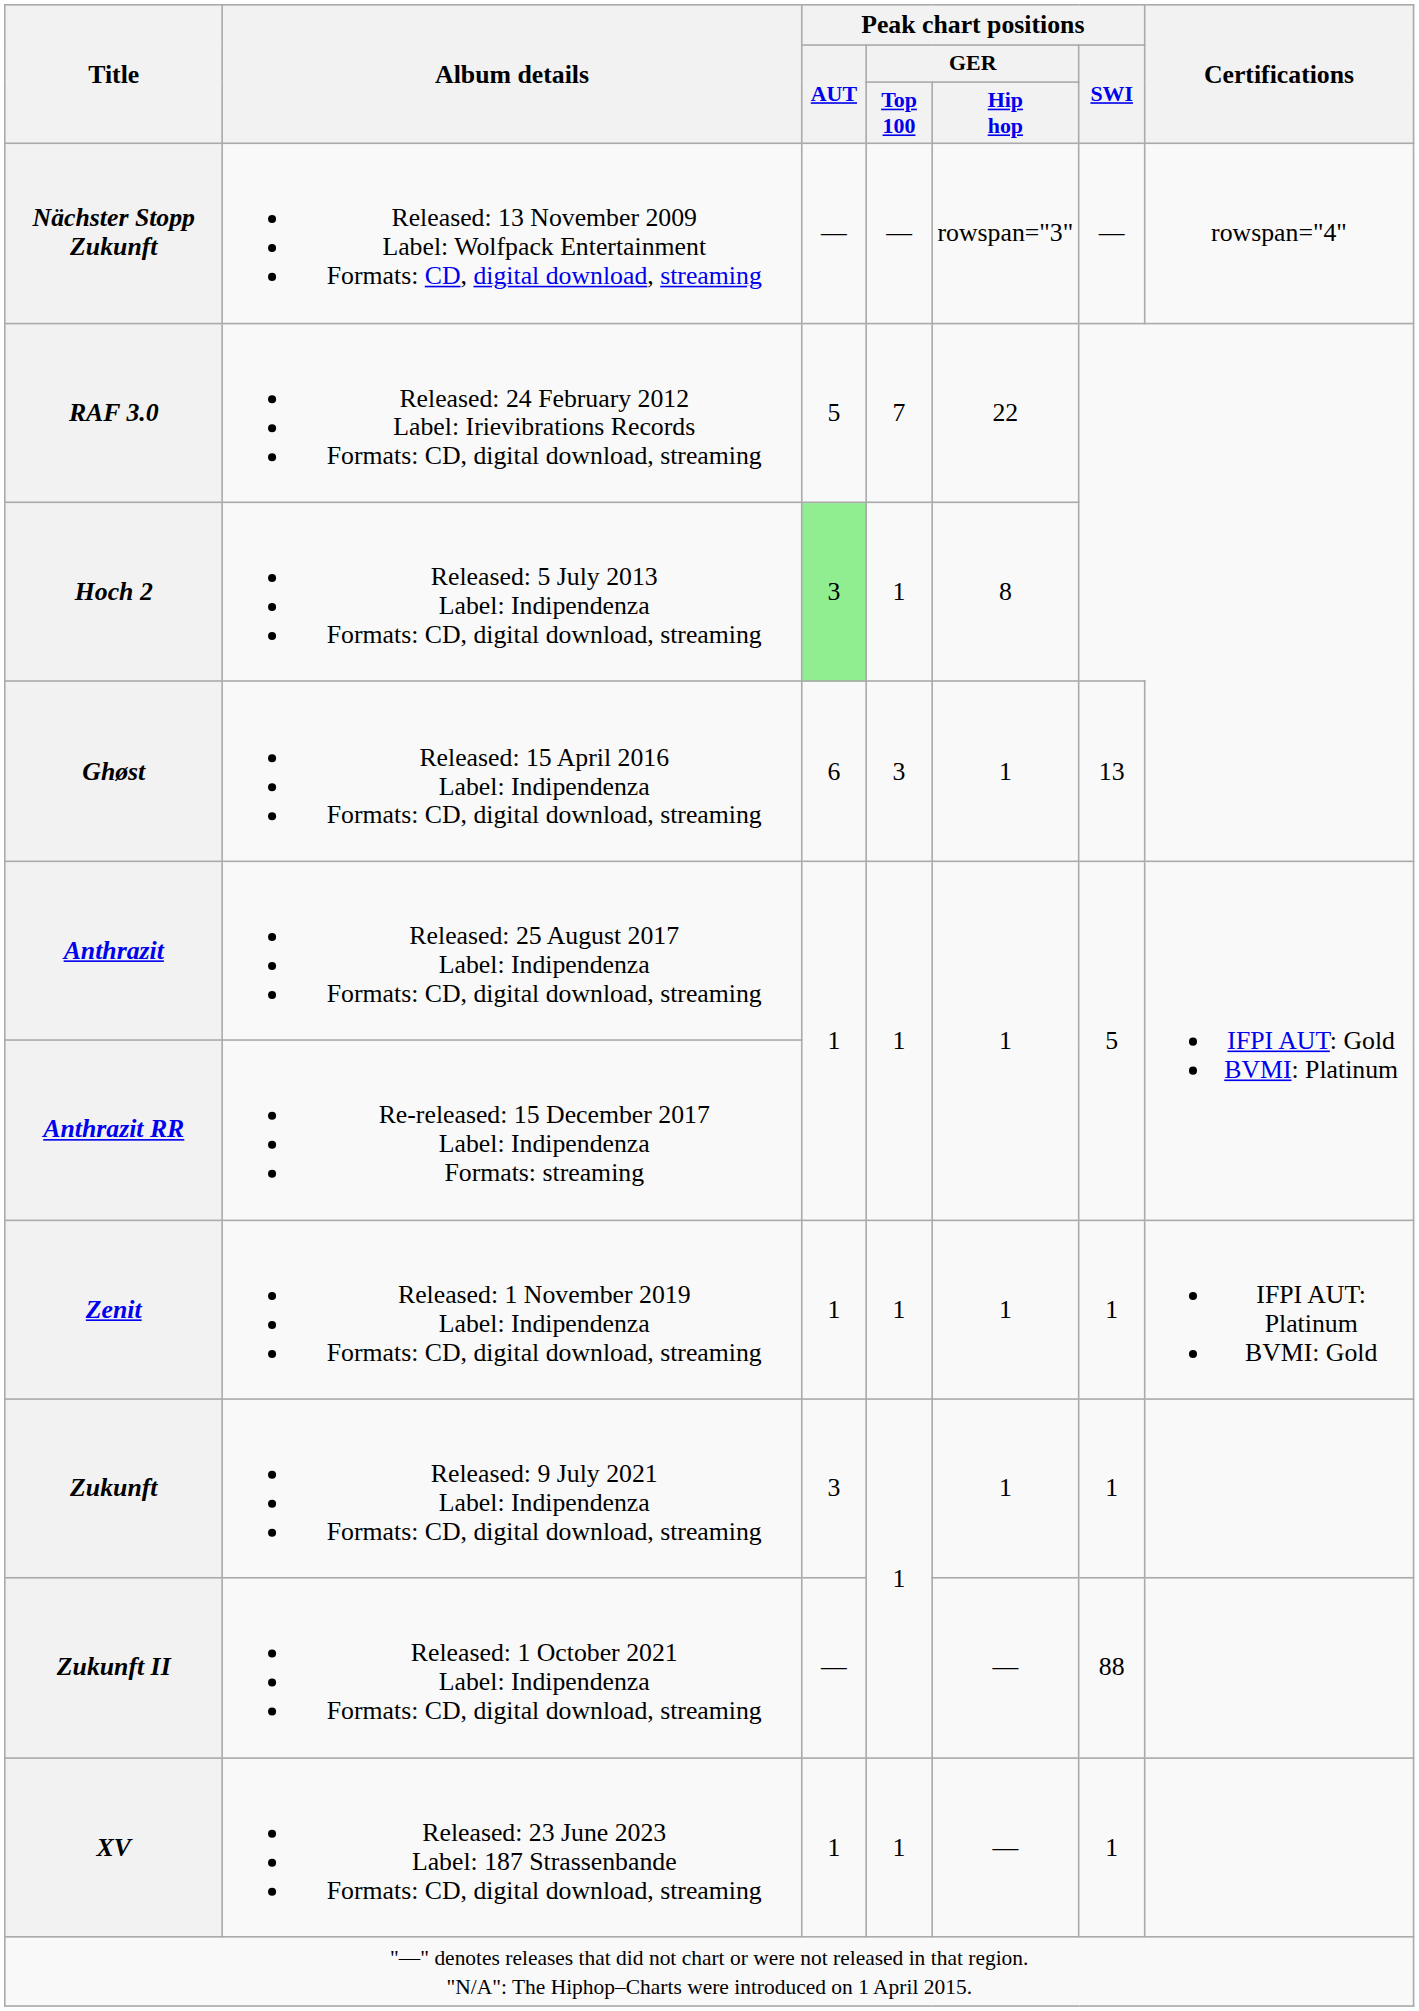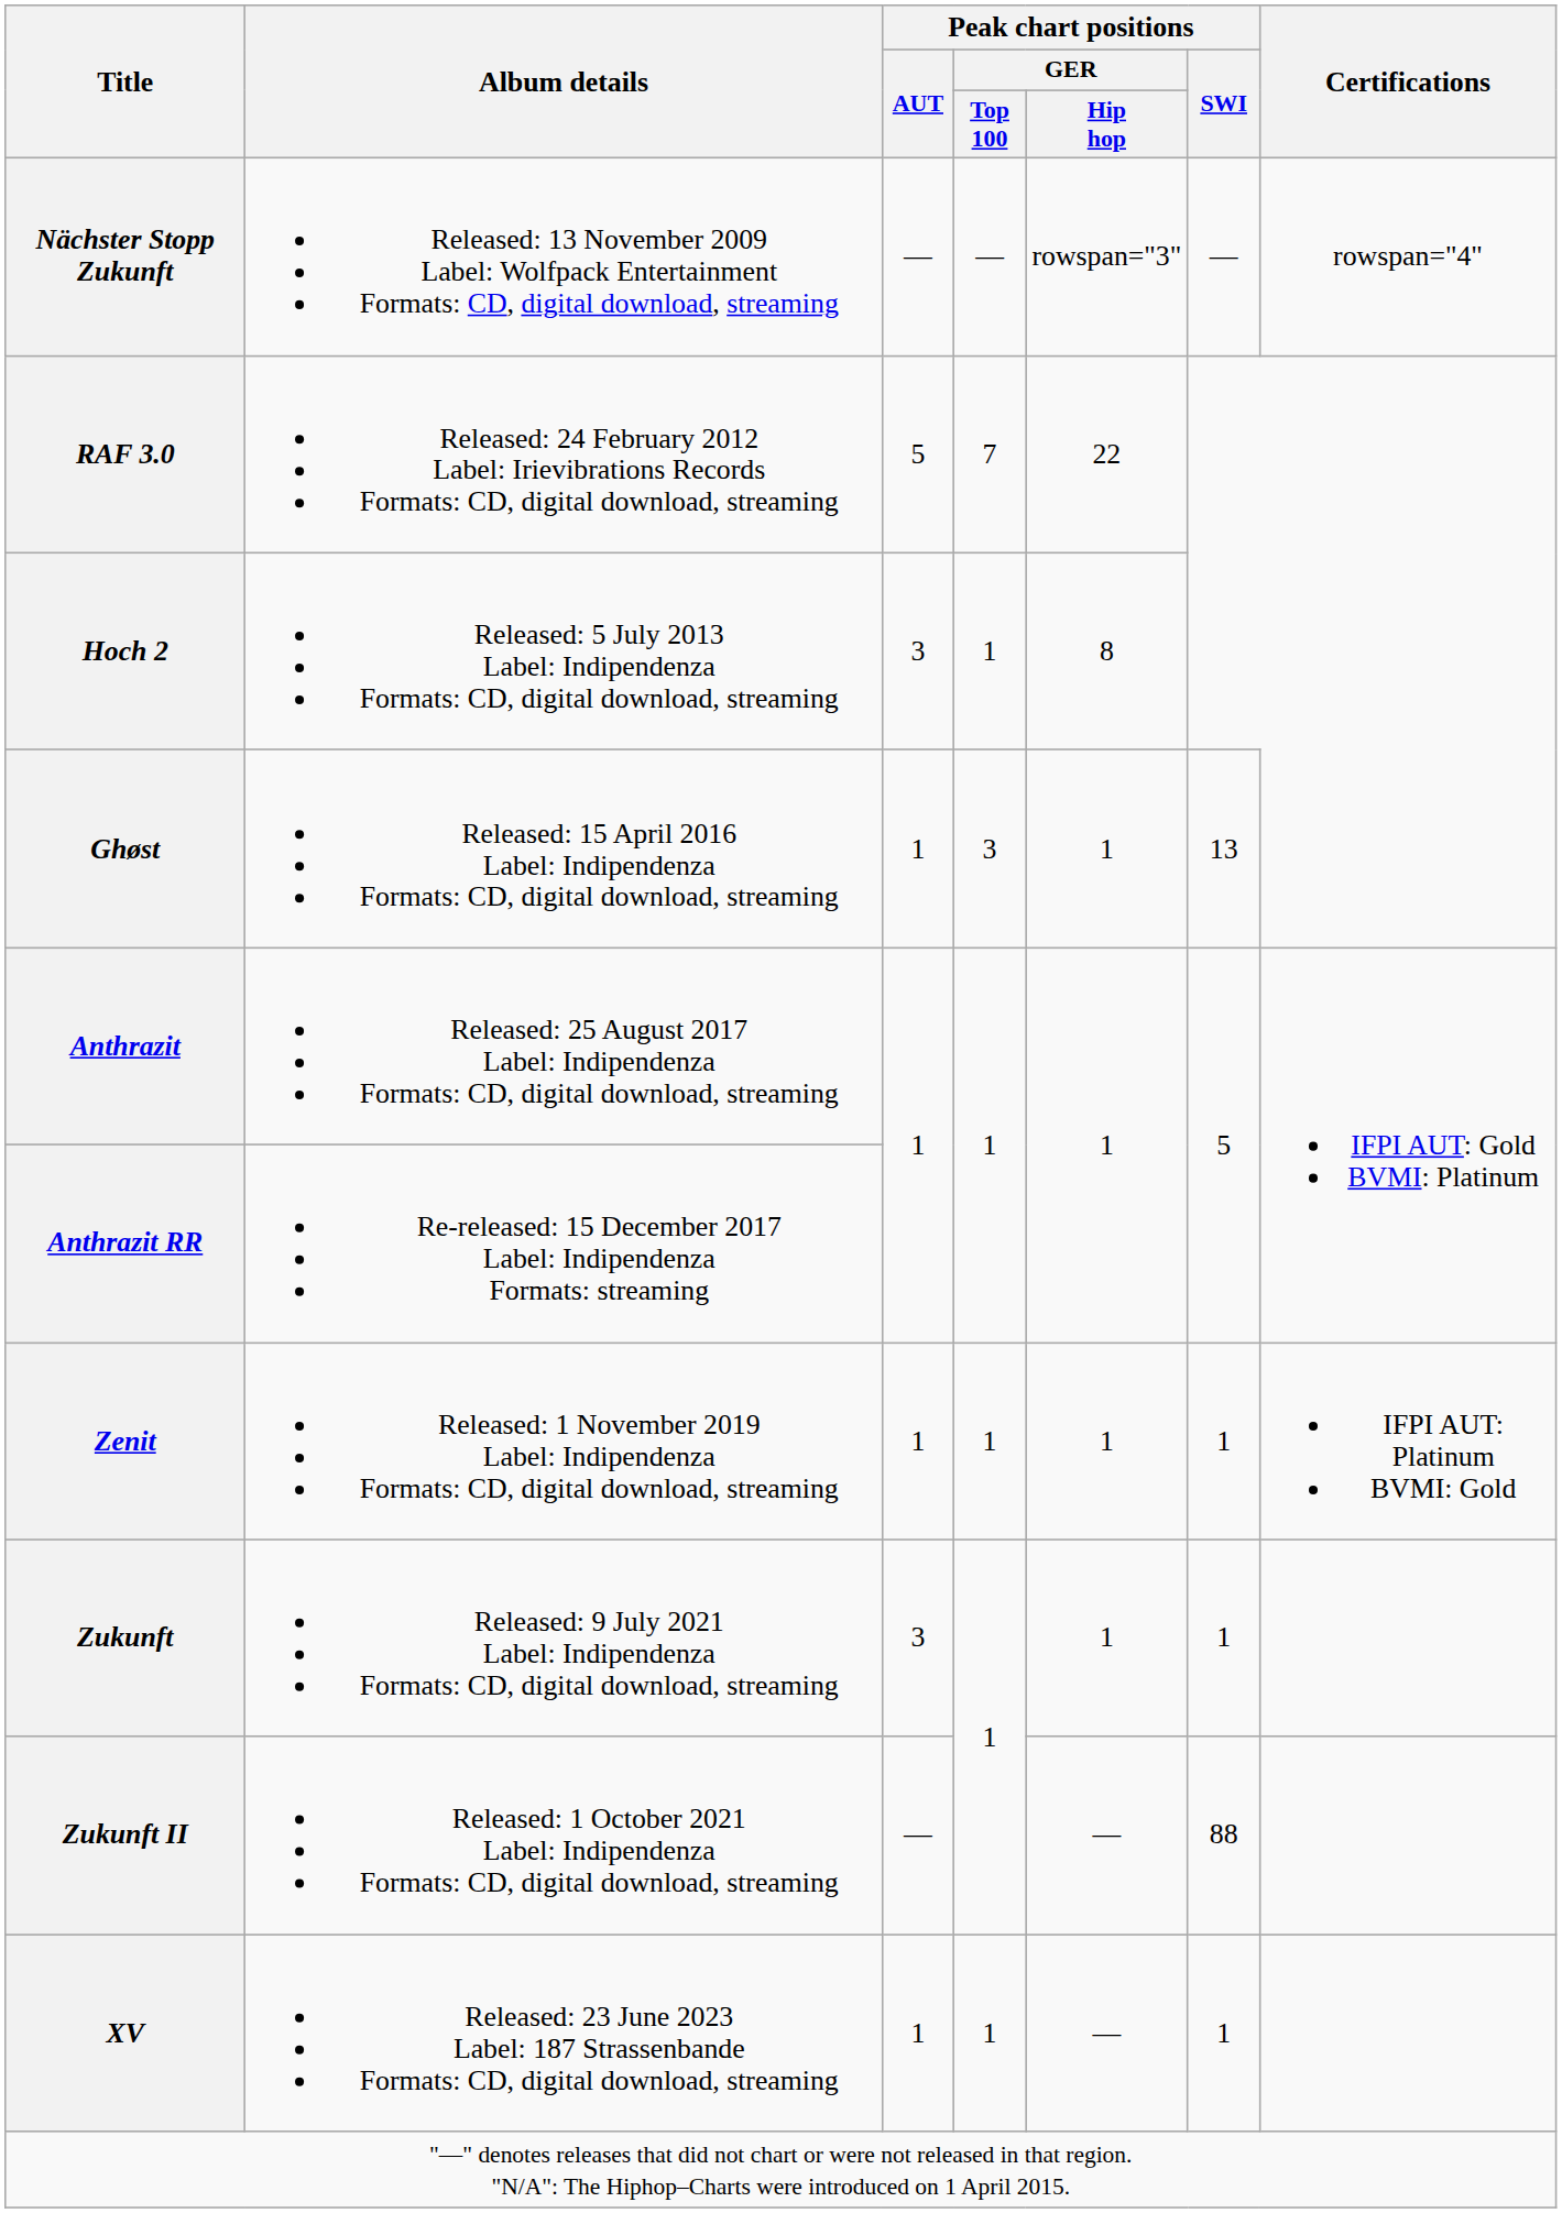 <table class="wikitable plainrowheaders" style="text-align:center;">
 <tr>
 <th scope="col" rowspan="3" style="width:8em;">Title</th>
 <th scope="col" rowspan="3" style="width:22em;">Album details</th>
 <th scope="col" colspan="4">Peak chart positions</th>
 <th scope="col" rowspan="3" style="width:10em;">Certifications</th>
 </tr>
 <tr>
 <th style="width:2.5em; font-size:85%" rowspan="2"><a href='#'>AUT</a><br></th>
 <th scope="col" style="width:2.5em; font-size:85%" colspan="2">GER</th>
 <th style="width:2.5em; font-size:85%" rowspan="2"><a href='#'>SWI</a><br></th>
 </tr>
 <tr>
 <th style="width:2.5em; font-size:85%"><a href='#'>Top<br>100</a><br></th>
 <th style="width:2.5em; font-size:85%"><a href='#'>Hip<br>hop</a><br></th>
 </tr>
 <tr>
 <th scope="row"><em>Nächster Stopp Zukunft</em></th>
 <td><br><ul><li>Released: 13 November 2009</li><li>Label: Wolfpack Entertainment</li><li>Formats: <a href='#'>CD</a>, <a href='#'>digital download</a>, <a href='#'>streaming</a></li></ul></td>
 <td>—</td>
 <td>—</td>
 <td>rowspan="3" </td>
 <td>—</td>
 <td>rowspan="4" </td>
 </tr>
 <tr>
 <th scope="row"><em>RAF 3.0</em></th>
 <td><br><ul><li>Released: 24 February 2012</li><li>Label: Irievibrations Records</li><li>Formats: CD, digital download, streaming</li></ul></td>
 <td>5</td>
 <td>7</td>
 <td>22</td>
 </tr>
 <tr>
 <th scope="row"><em>Hoch 2</em></th>
 <td><br><ul><li>Released: 5 July 2013</li><li>Label: Indipendenza</li><li>Formats: CD, digital download, streaming</li></ul></td>
-<td style="background: lightgreen;">3</td>
+<td>3</td>
 <td>1</td>
 <td>8</td>
 </tr>
 <tr>
 <th scope="row"><em>Ghøst</em></th>
 <td><br><ul><li>Released: 15 April 2016</li><li>Label: Indipendenza</li><li>Formats: CD, digital download, streaming</li></ul></td>
-<td>6</td>
+<td>1</td>
 <td>3</td>
 <td>1</td>
 <td>13</td>
 </tr>
 <tr>
 <th scope="row"><em><a href='#'>Anthrazit</a></em></th>
 <td><br><ul><li>Released: 25 August 2017</li><li>Label: Indipendenza</li><li>Formats: CD, digital download, streaming</li></ul></td>
 <td rowspan="2">1</td>
 <td rowspan="2">1</td>
 <td rowspan="2">1</td>
 <td rowspan="2">5</td>
 <td rowspan="2"><br><ul><li><a href='#'>IFPI AUT</a>: Gold</li><li><a href='#'>BVMI</a>: Platinum</li></ul></td>
 </tr>
 <tr>
 <th scope="row"><em><a href='#'>Anthrazit RR</a></em></th>
 <td><br><ul><li>Re-released: 15 December 2017</li><li>Label: Indipendenza</li><li>Formats: streaming</li></ul></td>
 </tr>
 <tr>
 <th scope="row"><em><a href='#'>Zenit</a></em></th>
 <td><br><ul><li>Released: 1 November 2019</li><li>Label: Indipendenza</li><li>Formats: CD, digital download, streaming</li></ul></td>
 <td>1</td>
 <td>1</td>
 <td>1</td>
 <td>1</td>
 <td><br><ul><li>IFPI AUT: Platinum</li><li>BVMI: Gold</li></ul></td>
 </tr>
 <tr>
 <th scope="row"><em>Zukunft</em></th>
 <td><br><ul><li>Released: 9 July 2021</li><li>Label: Indipendenza</li><li>Formats: CD, digital download, streaming</li></ul></td>
 <td>3</td>
 <td rowspan="2">1</td>
 <td>1</td>
 <td>1</td>
 <td></td>
 </tr>
 <tr>
 <th scope="row"><em>Zukunft II</em></th>
 <td><br><ul><li>Released: 1 October 2021</li><li>Label: Indipendenza</li><li>Formats: CD, digital download, streaming</li></ul></td>
 <td>—</td>
 <td>—</td>
 <td>88</td>
 <td></td>
 </tr>
 <tr>
 <th scope="row"><em>XV</em></th>
 <td><br><ul><li>Released: 23 June 2023</li><li>Label: 187 Strassenbande</li><li>Formats: CD, digital download, streaming</li></ul></td>
 <td>1</td>
 <td>1</td>
 <td>—</td>
 <td>1</td>
 <td></td>
 </tr>
 <tr>
 <td colspan="7"><small>"—" denotes releases that did not chart or were not released in that region.<br>"N/A": The Hiphop–Charts were introduced on 1 April 2015.</small></td>
 </tr>
 </table>
